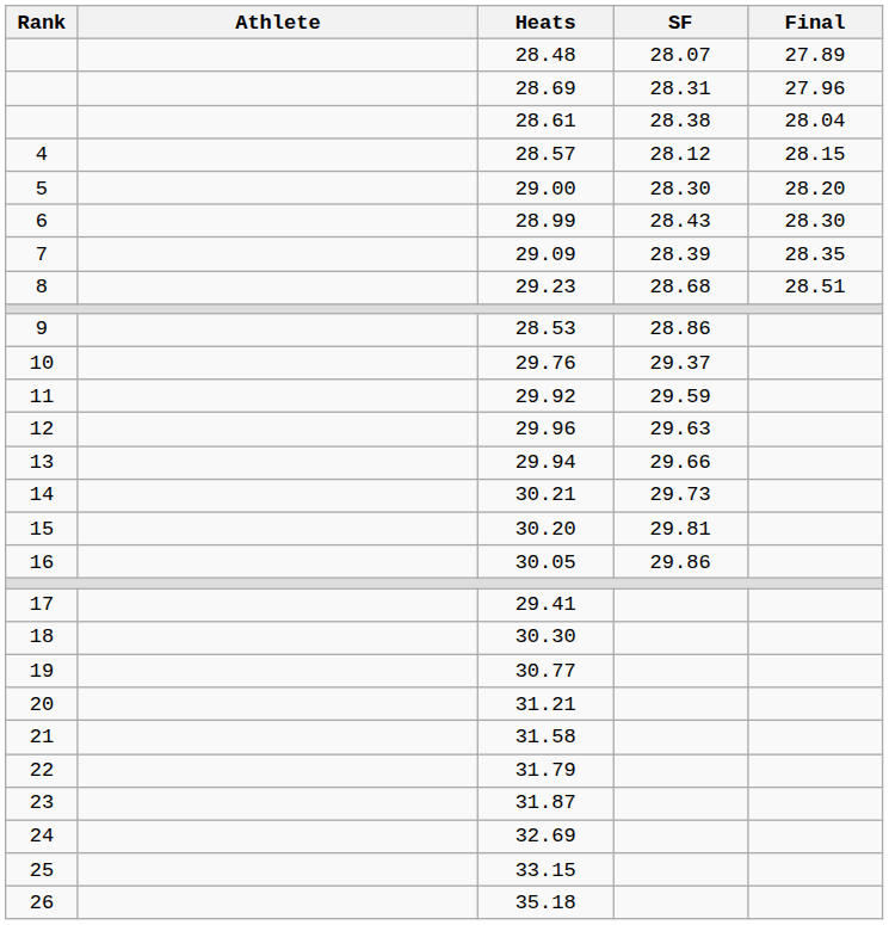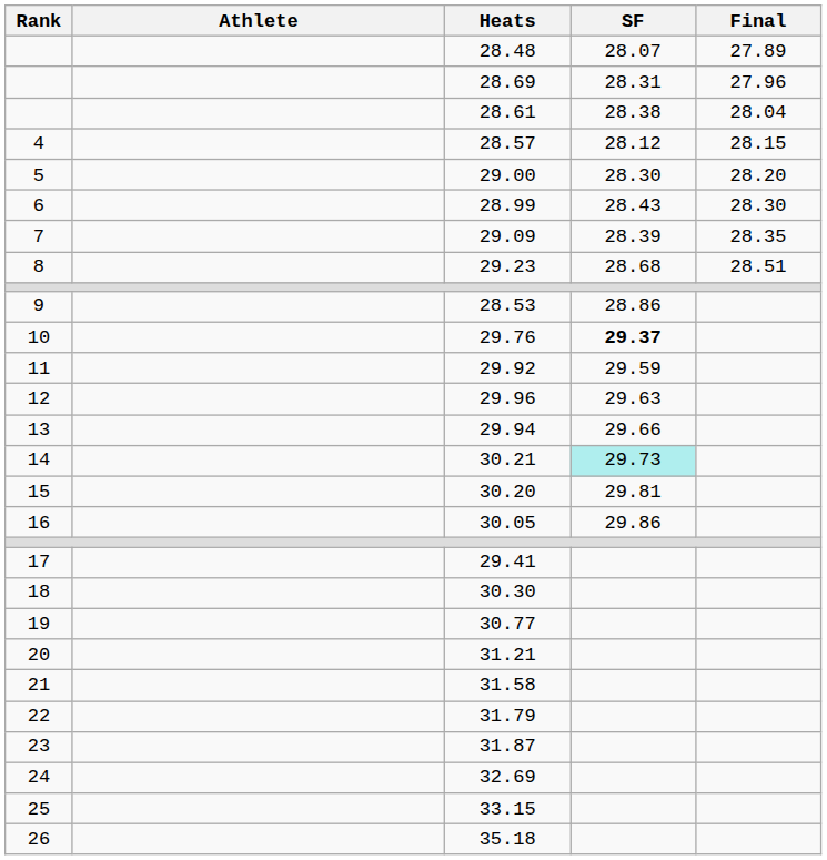 <table class=wikitable style="text-align:center">
 <tr>
 <th width=40>Rank</th>
 <th width=250>Athlete</th>
 <th width=80>Heats</th>
 <th width=80>SF</th>
 <th width=80>Final</th>
 </tr>
 <tr>
 <td></td>
 <td align=left></td>
 <td>28.48</td>
 <td>28.07</td>
 <td>27.89</td>
 </tr>
 <tr>
 <td></td>
 <td align=left></td>
 <td>28.69</td>
 <td>28.31</td>
 <td>27.96</td>
 </tr>
 <tr>
 <td></td>
 <td align=left></td>
 <td>28.61</td>
 <td>28.38</td>
 <td>28.04</td>
 </tr>
 <tr>
 <td>4</td>
 <td align=left></td>
 <td>28.57</td>
 <td>28.12</td>
 <td>28.15</td>
 </tr>
 <tr>
 <td>5</td>
 <td align=left></td>
 <td>29.00</td>
 <td>28.30</td>
 <td>28.20</td>
 </tr>
 <tr>
 <td>6</td>
 <td align=left></td>
 <td>28.99</td>
 <td>28.43</td>
 <td>28.30</td>
 </tr>
 <tr>
 <td>7</td>
 <td align=left></td>
 <td>29.09</td>
 <td>28.39</td>
 <td>28.35</td>
 </tr>
 <tr>
 <td>8</td>
 <td align=left></td>
 <td>29.23</td>
 <td>28.68</td>
 <td>28.51</td>
 </tr>
 <tr bgcolor=#DDDDDD>
 <td colspan=5></td>
 </tr>
 <tr>
 <td>9</td>
 <td align=left></td>
 <td>28.53</td>
 <td>28.86</td>
 <td></td>
 </tr>
 <tr>
 <td>10</td>
 <td align=left></td>
 <td>29.76</td>
-<td>29.37</td>
+<td><strong>29.37</strong></td>
 <td></td>
 </tr>
 <tr>
 <td>11</td>
 <td align=left></td>
 <td>29.92</td>
 <td>29.59</td>
 <td></td>
 </tr>
 <tr>
 <td>12</td>
 <td align=left></td>
 <td>29.96</td>
 <td>29.63</td>
 <td></td>
 </tr>
 <tr>
 <td>13</td>
 <td align=left></td>
 <td>29.94</td>
 <td>29.66</td>
 <td></td>
 </tr>
 <tr>
 <td>14</td>
 <td align=left></td>
 <td>30.21 </td>
-<td>29.73</td>
+<td style="background: paleturquoise;">29.73</td>
 <td></td>
 </tr>
 <tr>
 <td>15</td>
 <td align=left></td>
 <td>30.20</td>
 <td>29.81</td>
 <td></td>
 </tr>
 <tr>
 <td>16</td>
 <td align=left></td>
 <td>30.05</td>
 <td>29.86</td>
 <td></td>
 </tr>
 <tr bgcolor=#DDDDDD>
 <td colspan=5></td>
 </tr>
 <tr>
 <td>17</td>
 <td align=left></td>
 <td>29.41 </td>
 <td></td>
 <td></td>
 </tr>
 <tr>
 <td>18</td>
 <td align=left></td>
 <td>30.30</td>
 <td></td>
 <td></td>
 </tr>
 <tr>
 <td>19</td>
 <td align=left></td>
 <td>30.77</td>
 <td></td>
 <td></td>
 </tr>
 <tr>
 <td>20</td>
 <td align=left></td>
 <td>31.21</td>
 <td></td>
 <td></td>
 </tr>
 <tr>
 <td>21</td>
 <td align=left></td>
 <td>31.58</td>
 <td></td>
 <td></td>
 </tr>
 <tr>
 <td>22</td>
 <td align=left></td>
 <td>31.79</td>
 <td></td>
 <td></td>
 </tr>
 <tr>
 <td>23</td>
 <td align=left></td>
 <td>31.87</td>
 <td></td>
 <td></td>
 </tr>
 <tr>
 <td>24</td>
 <td align=left></td>
 <td>32.69</td>
 <td></td>
 <td></td>
 </tr>
 <tr>
 <td>25</td>
 <td align=left></td>
 <td>33.15</td>
 <td></td>
 <td></td>
 </tr>
 <tr>
 <td>26</td>
 <td align=left></td>
 <td>35.18</td>
 <td></td>
 <td></td>
 </tr>
 </table>
